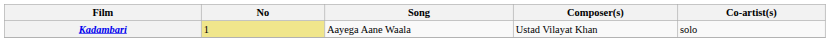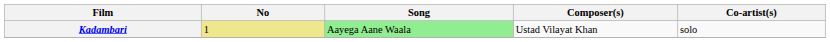 <table class="wikitable plainrowheaders" style="width:100%; textcolor:#000">
 <tr>
 <th scope="col" style="width:24%;">Film</th>
 <th>No</th>
 <th scope="col" style="width:23%;">Song</th>
 <th scope="col" style="width:20%;">Composer(s)</th>
 <th scope="col" style="width:18%;">Co-artist(s)</th>
 </tr>
 <tr>
 <th><a href='#'><em>Kadambari</em></a></th>
 <td style="background: khaki;">1</td>
-<td>Aayega Aane Waala</td>
+<td style="background: lightgreen;">Aayega Aane Waala</td>
 <td>Ustad Vilayat Khan</td>
 <td>solo</td>
 </tr>
 <tr>
 </tr>
 </table>
